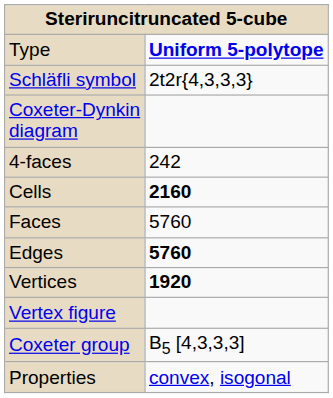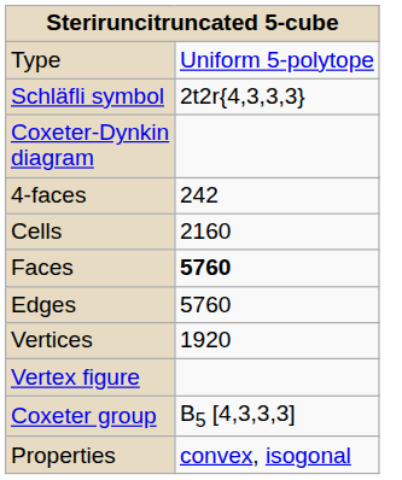 <table class="wikitable" astyle="float:right; margin-left:8px; width:280px">
 <tr>
 <td bgcolor=#e7dcc3 align=center colspan=3><strong>Steriruncitruncated 5-cube</strong></td>
 </tr>
 <tr>
 <td bgcolor=#e7dcc3>Type</td>
-<td><strong><a href='#'>Uniform 5-polytope</a></strong></td>
+<td><a href='#'>Uniform 5-polytope</a></td>
 </tr>
 <tr>
 <td bgcolor=#e7dcc3><a href='#'>Schläfli symbol</a></td>
 <td>2t2r{4,3,3,3}</td>
 </tr>
 <tr>
 <td bgcolor=#e7dcc3><a href='#'>Coxeter-Dynkin<br>diagram</a></td>
 <td><br></td>
 </tr>
 <tr>
 <td bgcolor=#e7dcc3>4-faces</td>
 <td>242</td>
 </tr>
 <tr>
 <td bgcolor=#e7dcc3>Cells</td>
-<td><strong>2160</strong></td>
+<td>2160</td>
 </tr>
 <tr>
 <td bgcolor=#e7dcc3>Faces</td>
+<td><strong>5760</strong></td>
+</tr>
+<tr>
+<td bgcolor=#e7dcc3>Edges</td>
 <td>5760</td>
 </tr>
 <tr>
-<td bgcolor=#e7dcc3>Edges</td>
-<td><strong>5760</strong></td>
-</tr>
-<tr>
 <td bgcolor=#e7dcc3>Vertices</td>
-<td><strong>1920</strong></td>
+<td>1920</td>
 </tr>
 <tr>
 <td bgcolor=#e7dcc3><a href='#'>Vertex figure</a></td>
 <td colspan=2></td>
 </tr>
 <tr>
 <td bgcolor=#e7dcc3><a href='#'>Coxeter group</a></td>
 <td colspan=2>B<sub>5</sub> [4,3,3,3]</td>
 </tr>
 <tr>
 <td bgcolor=#e7dcc3>Properties</td>
 <td><a href='#'>convex</a>, <a href='#'>isogonal</a></td>
 </tr>
 </table>
